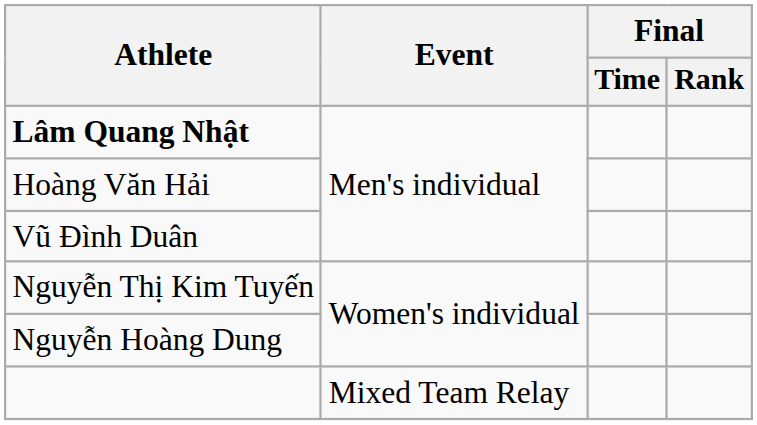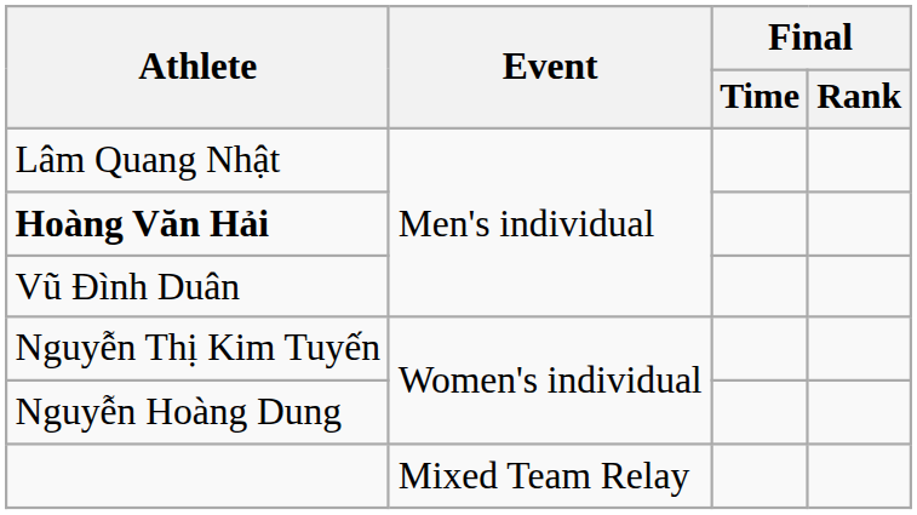 <table class="wikitable" style="font-size:90%">
 <tr>
 <th rowspan="2">Athlete</th>
 <th rowspan="2">Event</th>
 <th colspan="2">Final</th>
 </tr>
 <tr style="font-size:95%">
 <th>Time</th>
 <th>Rank</th>
 </tr>
 <tr align="center">
-<td align="left"><strong>Lâm Quang Nhật</strong></td>
+<td align="left">Lâm Quang Nhật</td>
 <td rowspan="3" align="left">Men's individual</td>
 <td></td>
 <td></td>
 </tr>
 <tr align="center">
-<td align="left">Hoàng Văn Hải</td>
+<td align="left"><strong>Hoàng Văn Hải</strong></td>
 <td></td>
 <td></td>
 </tr>
 <tr align="center">
 <td align="left">Vũ Đình Duân</td>
 <td></td>
 <td></td>
 </tr>
 <tr align="center">
 <td align="left">Nguyễn Thị Kim Tuyến</td>
 <td rowspan="2" align="left">Women's individual</td>
 <td></td>
 <td></td>
 </tr>
 <tr align="center">
 <td align="left">Nguyễn Hoàng Dung</td>
 <td></td>
 <td></td>
 </tr>
 <tr align="center">
 <td align="left"></td>
 <td rowspan=2 align="left">Mixed Team Relay</td>
 <td></td>
 <td></td>
 </tr>
 </table>
